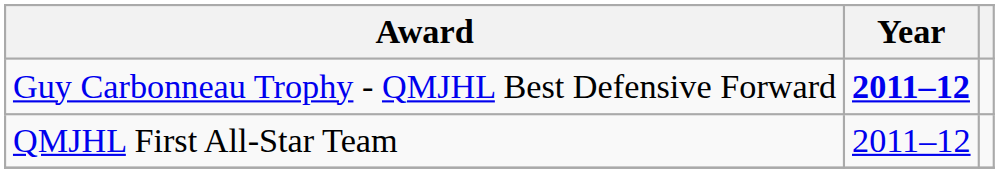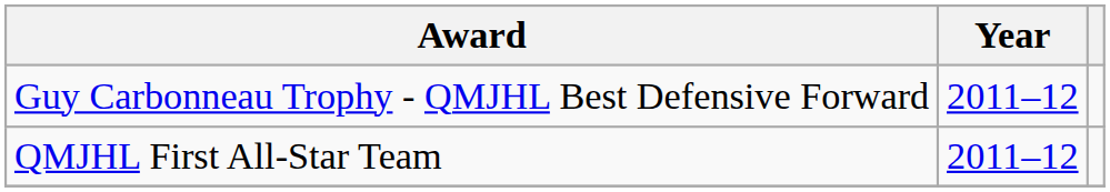 <table class="wikitable">
 <tr>
 <th>Award</th>
 <th>Year</th>
 <th></th>
 </tr>
 <tr>
 <td><a href='#'>Guy Carbonneau Trophy</a> - <a href='#'>QMJHL</a> Best Defensive Forward</td>
-<td><strong><a href='#'>2011–12</a></strong></td>
+<td><a href='#'>2011–12</a></td>
 <td></td>
 </tr>
 <tr>
 <td><a href='#'>QMJHL</a> First All-Star Team</td>
 <td><a href='#'>2011–12</a></td>
 <td></td>
 </tr>
 <tr>
 </tr>
 </table>
